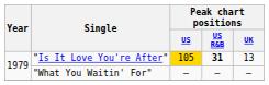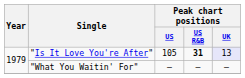 <table class="wikitable" style="text-align:center;">
 <tr>
 <th rowspan="2">Year</th>
 <th rowspan="2">Single</th>
 <th colspan="3">Peak chart positions</th>
 </tr>
 <tr style="font-size:smaller;">
 <th width="40"><a href='#'>US</a><br></th>
 <th width="40"><a href='#'>US<br>R&B</a><br></th>
 <th width="40"><a href='#'>UK</a><br></th>
 </tr>
 <tr>
 <td rowspan="2">1979</td>
 <td align="left">"<a href='#'>Is It Love You're After</a>"</td>
-<td style="background: gold;">105</td>
+<td>105</td>
 <td><strong>31</strong></td>
-<td>13</td>
+<td style="background: lavender;">13</td>
 </tr>
 <tr>
 <td align="left">"What You Waitin' For"</td>
 <td>—</td>
 <td>—</td>
 <td>—</td>
 </tr>
 <tr>
 </tr>
 </table>
